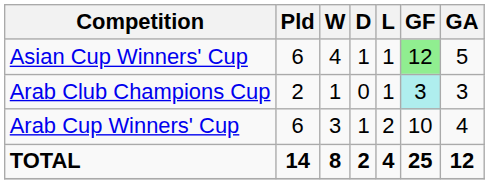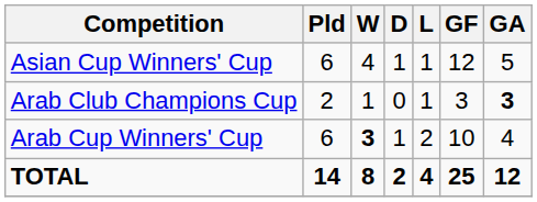 <table class="wikitable">
 <tr>
 <th>Competition</th>
 <th>Pld</th>
 <th>W</th>
 <th>D</th>
 <th>L</th>
 <th>GF</th>
 <th>GA</th>
 </tr>
 <tr>
 <td><a href='#'>Asian Cup Winners' Cup</a></td>
 <td style="text-align:center;">6</td>
 <td style="text-align:center;">4</td>
 <td style="text-align:center;">1</td>
 <td style="text-align:center;">1</td>
-<td style="background: lightgreen; text-align:center;">12</td>
+<td style="text-align:center;">12</td>
 <td style="text-align:center;">5</td>
 </tr>
 <tr>
 <td><a href='#'>Arab Club Champions Cup</a></td>
 <td style="text-align:center;">2</td>
 <td style="text-align:center;">1</td>
 <td style="text-align:center;">0</td>
 <td style="text-align:center;">1</td>
-<td style="background: paleturquoise; text-align:center;">3</td>
 <td style="text-align:center;">3</td>
+<td style="text-align:center;"><strong>3</strong></td>
 </tr>
 <tr>
 <td><a href='#'>Arab Cup Winners' Cup</a></td>
 <td style="text-align:center;">6</td>
-<td style="text-align:center;">3</td>
+<td style="text-align:center;"><strong>3</strong></td>
 <td style="text-align:center;">1</td>
 <td style="text-align:center;">2</td>
 <td style="text-align:center;">10</td>
 <td style="text-align:center;">4</td>
 </tr>
 <tr>
 <td><strong>TOTAL</strong></td>
 <td style="text-align:center;"><strong>14</strong></td>
 <td style="text-align:center;"><strong>8</strong></td>
 <td style="text-align:center;"><strong>2</strong></td>
 <td style="text-align:center;"><strong>4</strong></td>
 <td style="text-align:center;"><strong>25</strong></td>
 <td style="text-align:center;"><strong>12</strong></td>
 </tr>
 <tr>
 </tr>
 </table>
